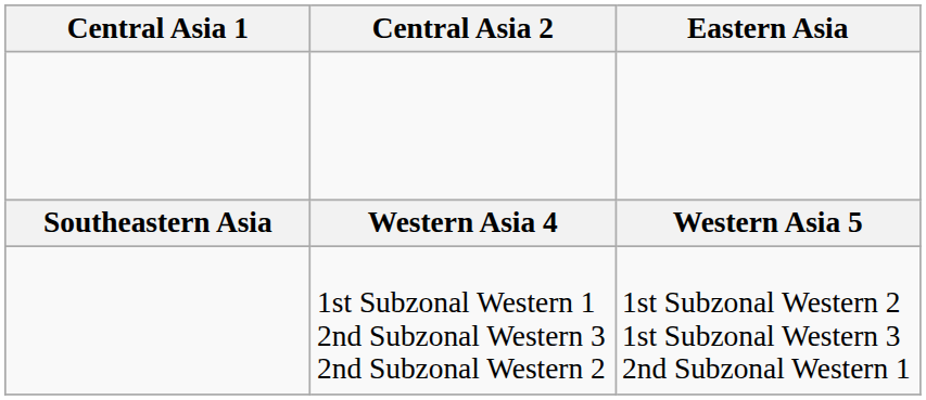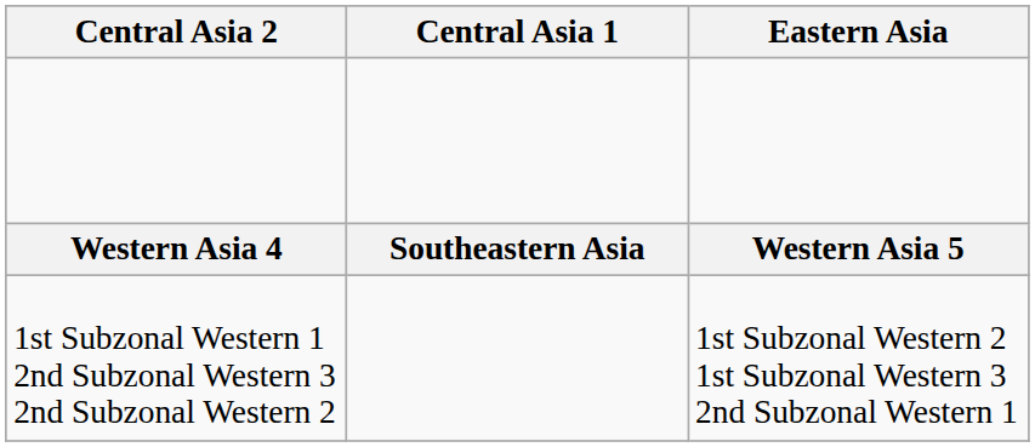 <table class="wikitable">
 <tr>
+<th width=33%>Central Asia 2</th>
 <th width=33%>Central Asia 1</th>
-<th width=33%>Central Asia 2</th>
 <th width=33%>Eastern Asia</th>
 </tr>
 <tr>
+<td valign=top><br><br> <br> <br> </td>
 <td valign=top><br><br> <br> </td>
-<td valign=top><br><br> <br> <br> </td>
 <td valign=top><br><br> </td>
 </tr>
 <tr>
+<th>Western Asia 4</th>
 <th>Southeastern Asia</th>
-<th>Western Asia 4</th>
 <th>Western Asia 5</th>
 </tr>
 <tr>
+<td valign=top><br>1st Subzonal Western 1<br> 2nd Subzonal Western 3<br> 2nd Subzonal Western 2</td>
 <td valign=top><br><br> <br> <br> </td>
-<td valign=top><br>1st Subzonal Western 1<br> 2nd Subzonal Western 3<br> 2nd Subzonal Western 2</td>
 <td valign=top><br>1st Subzonal Western 2<br> 1st Subzonal Western 3<br> 2nd Subzonal Western 1</td>
 </tr>
 </table>
